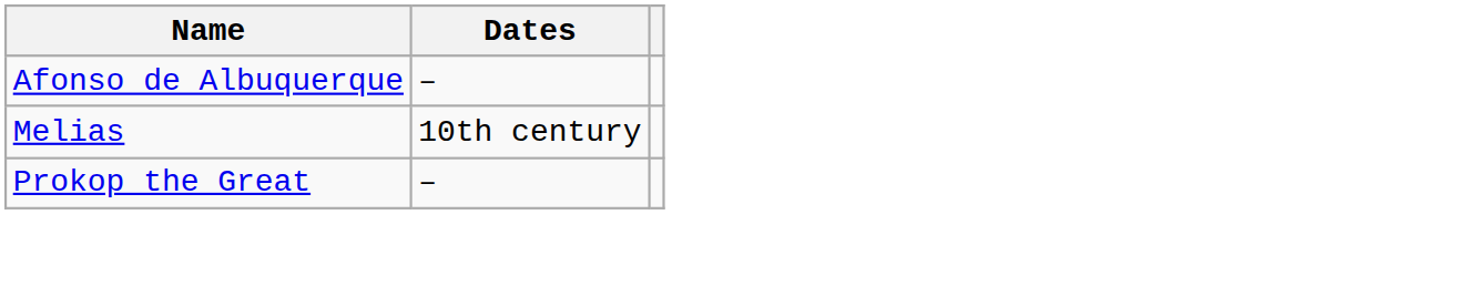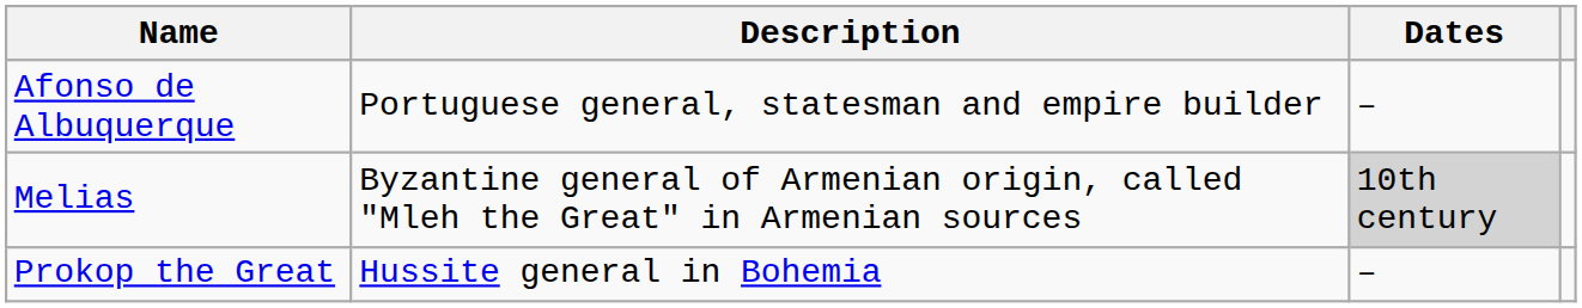 <table class="wikitable sortable">
 <tr>
 <th>Name</th>
+<th>Description</th>
 <th>Dates</th>
 <th class="unsortable"></th>
 </tr>
 <tr>
 <td><a href='#'>Afonso de Albuquerque</a></td>
+<td>Portuguese general, statesman and empire builder</td>
 <td> – </td>
 <td></td>
 </tr>
 <tr>
 <td><a href='#'>Melias</a></td>
-<td>10th century</td>
+<td>Byzantine general of Armenian origin, called "Mleh the Great" in Armenian sources</td>
+<td style="background: lightgrey;">10th century</td>
 <td></td>
 </tr>
 <tr>
 <td><a href='#'>Prokop the Great</a></td>
+<td><a href='#'>Hussite</a> general in <a href='#'>Bohemia</a></td>
 <td> – </td>
 <td></td>
 </tr>
 </table>
